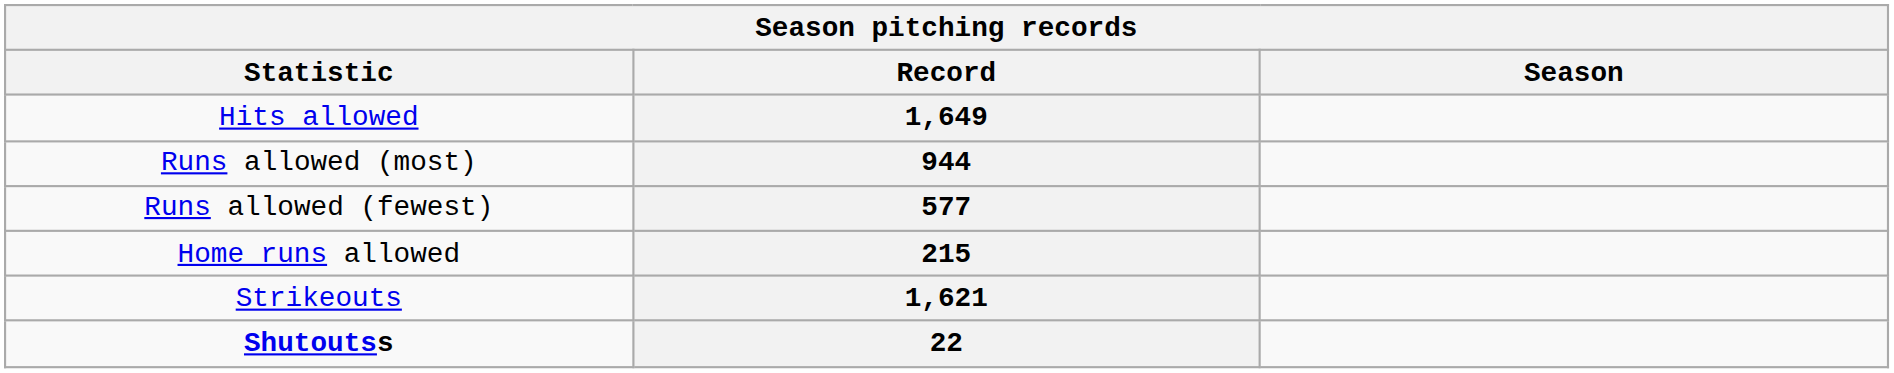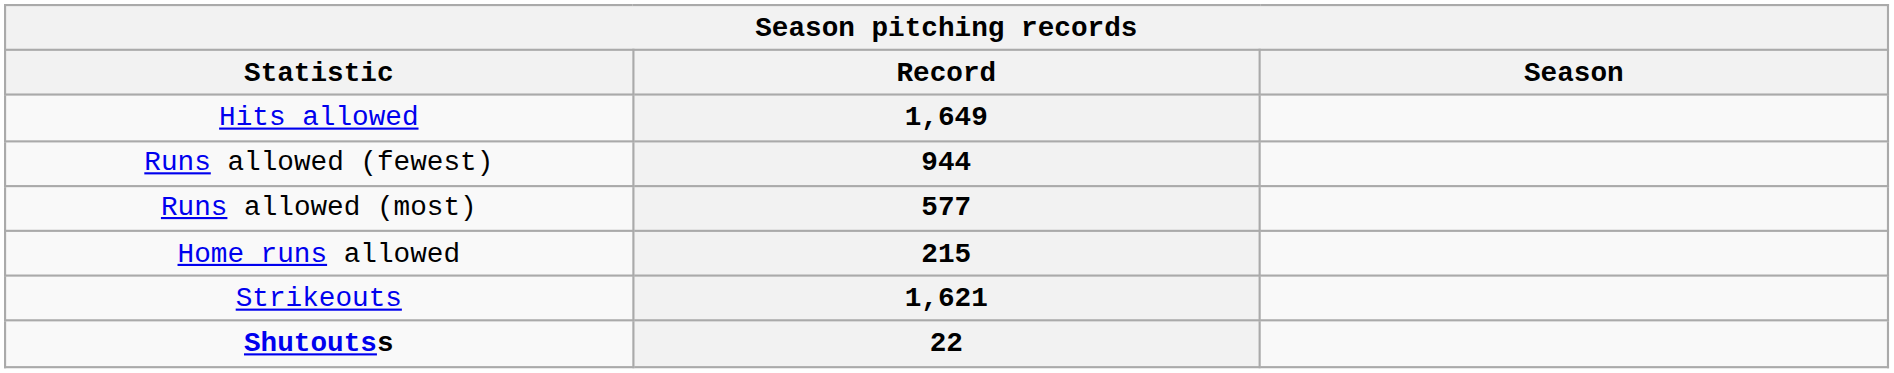 <table class="wikitable" style="text-align:center" width="70%">
 <tr>
 <th colspan=5>Season pitching records</th>
 </tr>
 <tr>
 <th scope="col" width=20%>Statistic</th>
 <th scope="col" class="unsortable" width=20%>Record</th>
 <th scope="col" width=20%>Season</th>
 </tr>
 <tr>
 <td><a href='#'>Hits allowed</a></td>
 <th scope="row">1,649</th>
 <td></td>
 </tr>
 <tr>
-<td><a href='#'>Runs</a> allowed (most)</td>
+<td><a href='#'>Runs</a> allowed (fewest)</td>
 <th scope="row">944</th>
 <td></td>
 </tr>
 <tr>
-<td><a href='#'>Runs</a> allowed (fewest)</td>
+<td><a href='#'>Runs</a> allowed (most)</td>
 <th scope="row">577</th>
 <td></td>
 </tr>
 <tr>
 <td><a href='#'>Home runs</a> allowed</td>
 <th scope="row">215</th>
 <td></td>
 </tr>
 <tr>
 <td><a href='#'>Strikeouts</a></td>
 <th scope="row">1,621</th>
 <td></td>
 </tr>
 <tr>
 <td><strong><a href='#'>Shutouts</a>s</strong></td>
 <th scope="row">22</th>
 <td></td>
 </tr>
 </table>
